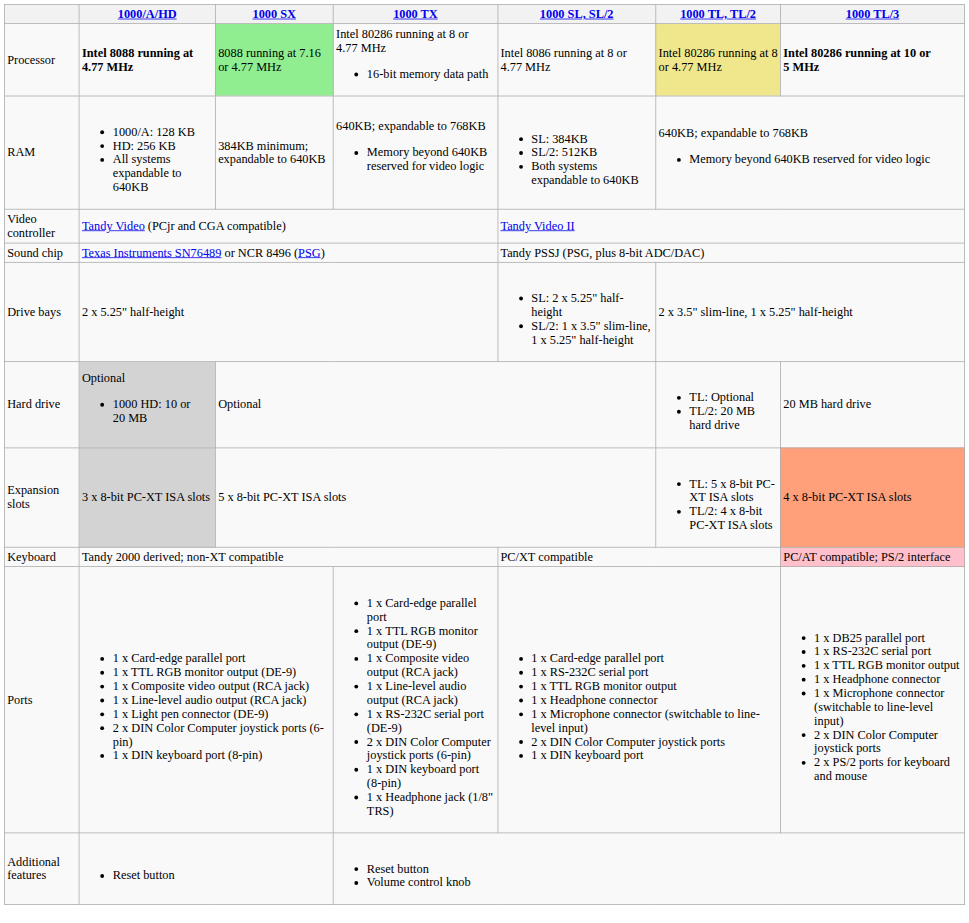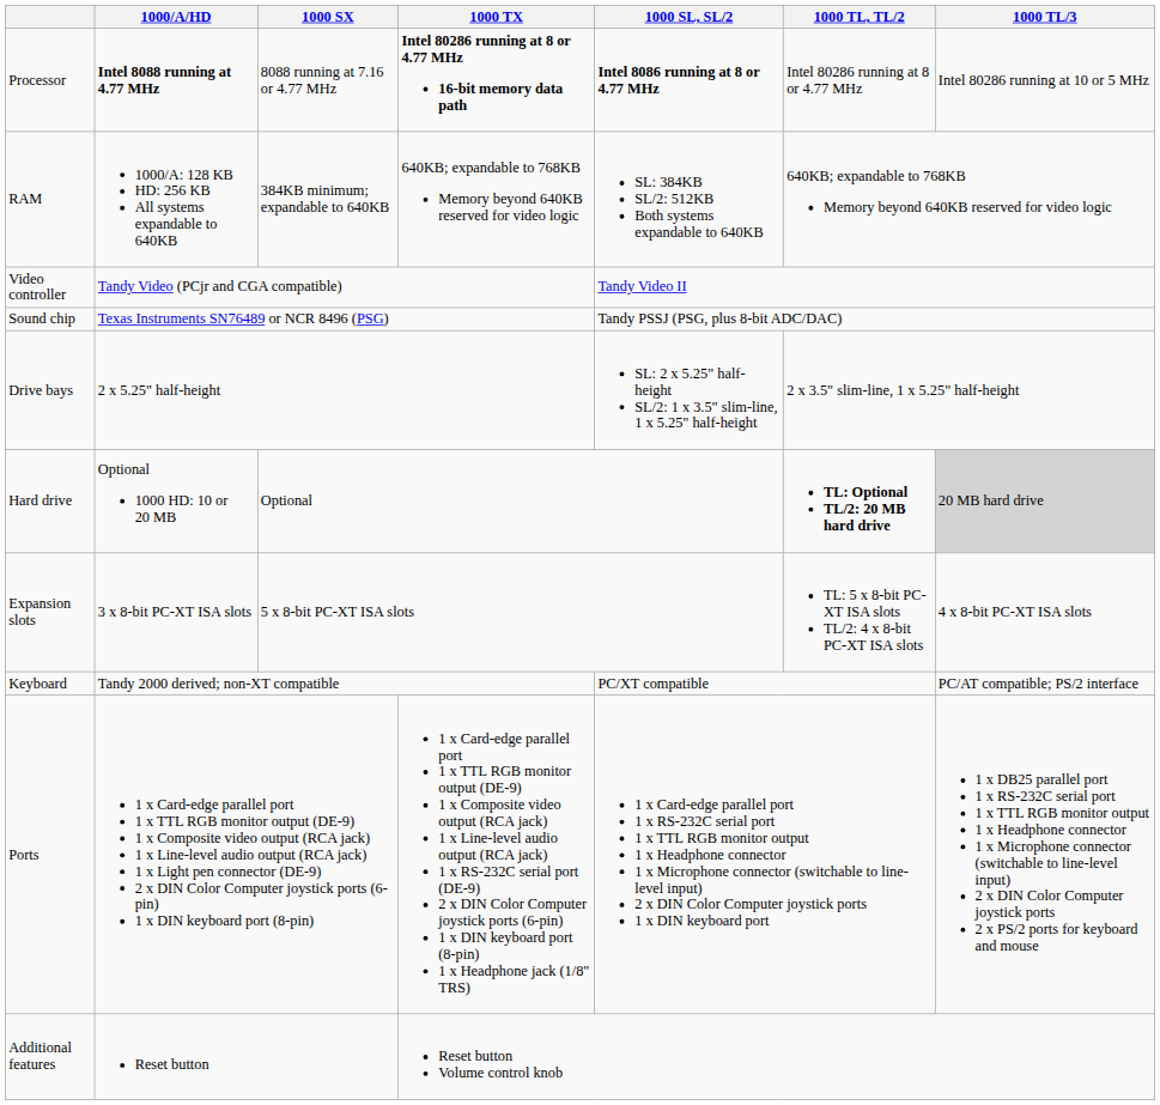 <table class="wikitable">
 <tr>
 <th></th>
 <th><a href='#'>1000/A</a><a href='#'>/HD</a></th>
 <th><a href='#'>1000 SX</a></th>
 <th><a href='#'>1000 TX</a></th>
 <th><a href='#'>1000 SL, SL/2</a></th>
 <th><a href='#'>1000 TL, TL/2</a></th>
 <th><a href='#'>1000 TL/3</a></th>
 </tr>
 <tr>
 <td>Processor</td>
 <td><strong>Intel 8088 running at 4.77 MHz</strong></td>
-<td style="background: lightgreen;">8088 running at 7.16 or 4.77 MHz</td>
-<td>Intel 80286 running at 8 or 4.77 MHz<br><ul><li>16-bit memory data path</li></ul></td>
-<td>Intel 8086 running at 8 or 4.77 MHz</td>
-<td style="background: khaki;">Intel 80286 running at 8 or 4.77 MHz</td>
-<td><strong>Intel 80286 running at 10 or 5 MHz</strong></td>
+<td>8088 running at 7.16 or 4.77 MHz</td>
+<td><strong>Intel 80286 running at 8 or 4.77 MHz<br><ul><li>16-bit memory data path</li></ul></strong></td>
+<td><strong>Intel 8086 running at 8 or 4.77 MHz</strong></td>
+<td>Intel 80286 running at 8 or 4.77 MHz</td>
+<td>Intel 80286 running at 10 or 5 MHz</td>
 </tr>
 <tr>
 <td>RAM</td>
 <td><br><ul><li>1000/A: 128 KB</li><li>HD: 256 KB</li><li>All systems expandable to 640KB</li></ul></td>
 <td>384KB minimum; expandable to 640KB</td>
 <td>640KB; expandable to 768KB<br><ul><li>Memory beyond 640KB reserved for video logic</li></ul></td>
 <td><br><ul><li>SL: 384KB</li><li>SL/2: 512KB</li><li>Both systems expandable to 640KB</li></ul></td>
 <td colspan="2">640KB; expandable to 768KB<br><ul><li>Memory beyond 640KB reserved for video logic</li></ul></td>
 </tr>
 <tr>
 <td>Video controller</td>
 <td colspan="3"><a href='#'>Tandy Video</a> (PCjr and CGA compatible)</td>
 <td colspan="3"><a href='#'>Tandy Video II</a></td>
 </tr>
 <tr>
 <td>Sound chip</td>
 <td colspan="3"><a href='#'>Texas Instruments SN76489</a> or NCR 8496 (<a href='#'>PSG</a>)</td>
 <td colspan="3">Tandy PSSJ (PSG, plus 8-bit ADC/DAC)</td>
 </tr>
 <tr>
 <td>Drive bays</td>
 <td colspan="3">2 x 5.25" half-height</td>
 <td><br><ul><li>SL: 2 x 5.25" half-height</li><li>SL/2: 1 x 3.5" slim-line, 1 x 5.25" half-height</li></ul></td>
 <td colspan="2">2 x 3.5" slim-line, 1 x 5.25" half-height</td>
 </tr>
 <tr>
 <td>Hard drive</td>
-<td style="background: lightgrey;">Optional<br><ul><li>1000 HD: 10 or 20 MB</li></ul></td>
+<td>Optional<br><ul><li>1000 HD: 10 or 20 MB</li></ul></td>
 <td colspan="3">Optional</td>
-<td><br><ul><li>TL: Optional</li><li>TL/2: 20 MB hard drive</li></ul></td>
-<td>20 MB hard drive</td>
+<td><strong><br><ul><li>TL: Optional</li><li>TL/2: 20 MB hard drive</li></ul></strong></td>
+<td style="background: lightgrey;">20 MB hard drive</td>
 </tr>
 <tr>
 <td>Expansion slots</td>
-<td style="background: lightgrey;">3 x 8-bit PC-XT ISA slots</td>
+<td>3 x 8-bit PC-XT ISA slots</td>
 <td colspan="3">5 x 8-bit PC-XT ISA slots</td>
 <td><br><ul><li>TL: 5 x 8-bit PC-XT ISA slots</li><li>TL/2: 4 x 8-bit PC-XT ISA slots</li></ul></td>
-<td style="background: lightsalmon;">4 x 8-bit PC-XT ISA slots</td>
+<td>4 x 8-bit PC-XT ISA slots</td>
 </tr>
 <tr>
 <td>Keyboard</td>
 <td colspan="3">Tandy 2000 derived; non-XT compatible</td>
 <td colspan="2">PC/XT compatible</td>
-<td style="background: pink;">PC/AT compatible; PS/2 interface</td>
+<td>PC/AT compatible; PS/2 interface</td>
 </tr>
 <tr>
 <td>Ports</td>
 <td colspan="2"><br><ul><li>1 x Card-edge parallel port</li><li>1 x TTL RGB monitor output (DE-9)</li><li>1 x Composite video output (RCA jack)</li><li>1 x Line-level audio output (RCA jack)</li><li>1 x Light pen connector (DE-9)</li><li>2 x DIN Color Computer joystick ports (6-pin)</li><li>1 x DIN keyboard port (8-pin)</li></ul></td>
 <td><br><ul><li>1 x Card-edge parallel port</li><li>1 x TTL RGB monitor output (DE-9)</li><li>1 x Composite video output (RCA jack)</li><li>1 x Line-level audio output (RCA jack)</li><li>1 x RS-232C serial port (DE-9)</li><li>2 x DIN Color Computer joystick ports (6-pin)</li><li>1 x DIN keyboard port (8-pin)</li><li>1 x Headphone jack (1/8" TRS)</li></ul></td>
 <td colspan="2"><br><ul><li>1 x Card-edge parallel port</li><li>1 x RS-232C serial port</li><li>1 x TTL RGB monitor output</li><li>1 x Headphone connector</li><li>1 x Microphone connector (switchable to line-level input)</li><li>2 x DIN Color Computer joystick ports</li><li>1 x DIN keyboard port</li></ul></td>
 <td><br><ul><li>1 x DB25 parallel port</li><li>1 x RS-232C serial port</li><li>1 x TTL RGB monitor output</li><li>1 x Headphone connector</li><li>1 x Microphone connector (switchable to line-level input)</li><li>2 x DIN Color Computer joystick ports</li><li>2 x PS/2 ports for keyboard and mouse</li></ul></td>
 </tr>
 <tr>
 <td>Additional features</td>
 <td colspan="2"><br><ul><li>Reset button</li></ul></td>
 <td colspan="4"><br><ul><li>Reset button</li><li>Volume control knob</li></ul></td>
 </tr>
 </table>
